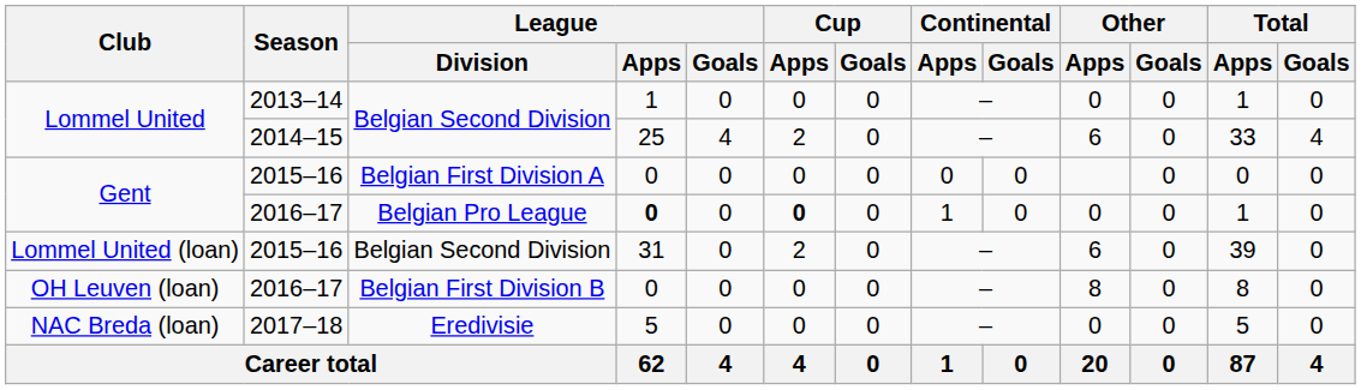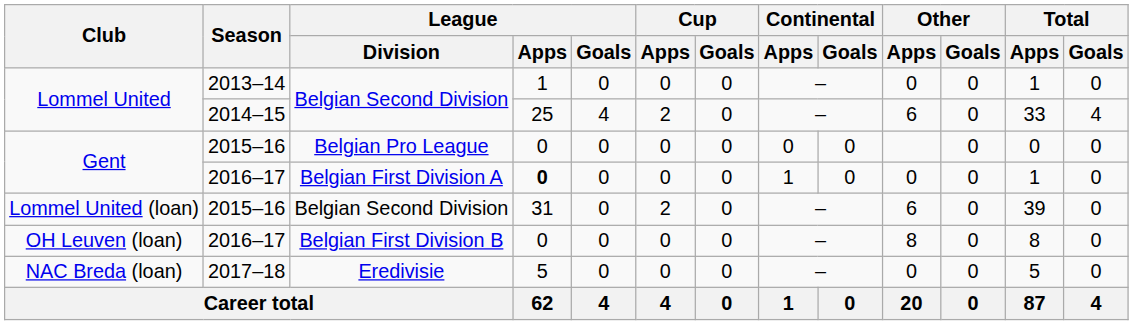 <table class="wikitable" style="text-align: center">
 <tr>
 <th rowspan="2">Club</th>
 <th rowspan="2">Season</th>
 <th colspan="3">League</th>
 <th colspan="2">Cup</th>
 <th colspan="2">Continental</th>
 <th colspan="2">Other</th>
 <th colspan="2">Total</th>
 </tr>
 <tr>
 <th>Division</th>
 <th>Apps</th>
 <th>Goals</th>
 <th>Apps</th>
 <th>Goals</th>
 <th>Apps</th>
 <th>Goals</th>
 <th>Apps</th>
 <th>Goals</th>
 <th>Apps</th>
 <th>Goals</th>
 </tr>
 <tr>
 <td rowspan="2"><a href='#'>Lommel United</a></td>
 <td>2013–14</td>
 <td rowspan="2"><a href='#'>Belgian Second Division</a></td>
 <td>1</td>
 <td>0</td>
 <td>0</td>
 <td>0</td>
 <td colspan="2">–</td>
 <td>0</td>
 <td>0</td>
 <td>1</td>
 <td>0</td>
 </tr>
 <tr>
 <td>2014–15</td>
 <td>25</td>
 <td>4</td>
 <td>2</td>
 <td>0</td>
 <td colspan="2">–</td>
 <td>6</td>
 <td>0</td>
 <td>33</td>
 <td>4</td>
 </tr>
 <tr>
 <td rowspan="2"><a href='#'>Gent</a></td>
 <td>2015–16</td>
-<td><a href='#'>Belgian First Division A</a></td>
+<td><a href='#'>Belgian Pro League</a></td>
 <td>0</td>
 <td>0</td>
 <td>0</td>
 <td>0</td>
 <td>0</td>
 <td>0</td>
 <td></td>
 <td>0</td>
 <td>0</td>
 <td>0</td>
 </tr>
 <tr>
 <td>2016–17</td>
-<td><a href='#'>Belgian Pro League</a></td>
+<td><a href='#'>Belgian First Division A</a></td>
 <td><strong>0</strong></td>
 <td>0</td>
-<td><strong>0</strong></td>
+<td>0</td>
 <td>0</td>
 <td>1</td>
 <td>0</td>
 <td>0</td>
 <td>0</td>
 <td>1</td>
 <td>0</td>
 </tr>
 <tr>
 <td><a href='#'>Lommel United</a> (loan)</td>
 <td>2015–16</td>
 <td>Belgian Second Division</td>
 <td>31</td>
 <td>0</td>
 <td>2</td>
 <td>0</td>
 <td colspan="2">–</td>
 <td>6</td>
 <td>0</td>
 <td>39</td>
 <td>0</td>
 </tr>
 <tr>
 <td><a href='#'>OH Leuven</a> (loan)</td>
 <td>2016–17</td>
 <td><a href='#'>Belgian First Division B</a></td>
 <td>0</td>
 <td>0</td>
 <td>0</td>
 <td>0</td>
 <td colspan="2">–</td>
 <td>8</td>
 <td>0</td>
 <td>8</td>
 <td>0</td>
 </tr>
 <tr>
 <td><a href='#'>NAC Breda</a> (loan)</td>
 <td>2017–18</td>
 <td><a href='#'>Eredivisie</a></td>
 <td>5</td>
 <td>0</td>
 <td>0</td>
 <td>0</td>
 <td colspan="2">–</td>
 <td>0</td>
 <td>0</td>
 <td>5</td>
 <td>0</td>
 </tr>
 <tr>
 <th colspan="3">Career total</th>
 <th>62</th>
 <th>4</th>
 <th>4</th>
 <th>0</th>
 <th>1</th>
 <th>0</th>
 <th>20</th>
 <th>0</th>
 <th>87</th>
 <th>4</th>
 </tr>
 </table>
